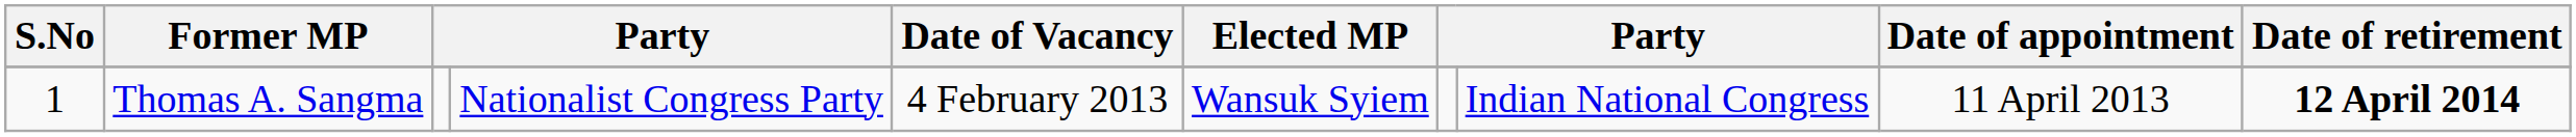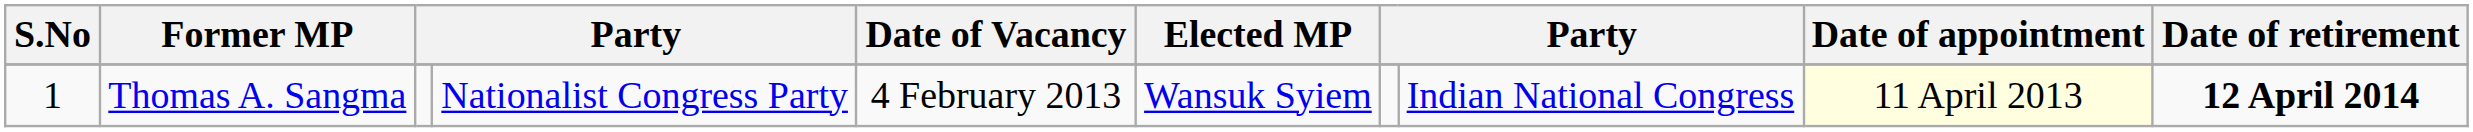 <table class="wikitable sortable">
 <tr>
 <th>S.No</th>
 <th>Former MP</th>
 <th colspan=2>Party</th>
 <th>Date of Vacancy</th>
 <th>Elected MP</th>
 <th colspan=2>Party</th>
 <th>Date of appointment</th>
 <th>Date of retirement</th>
 </tr>
 <tr>
 </tr>
 <tr style="text-align:center;">
 <td>1</td>
 <td><a href='#'>Thomas A. Sangma</a></td>
 <td></td>
 <td><a href='#'>Nationalist Congress Party</a></td>
 <td>4 February 2013</td>
 <td><a href='#'>Wansuk Syiem</a></td>
 <td></td>
 <td><a href='#'>Indian National Congress</a></td>
-<td>11 April 2013</td>
+<td style="background: lightyellow;">11 April 2013</td>
 <td><strong>12 April 2014</strong></td>
 </tr>
 </table>
